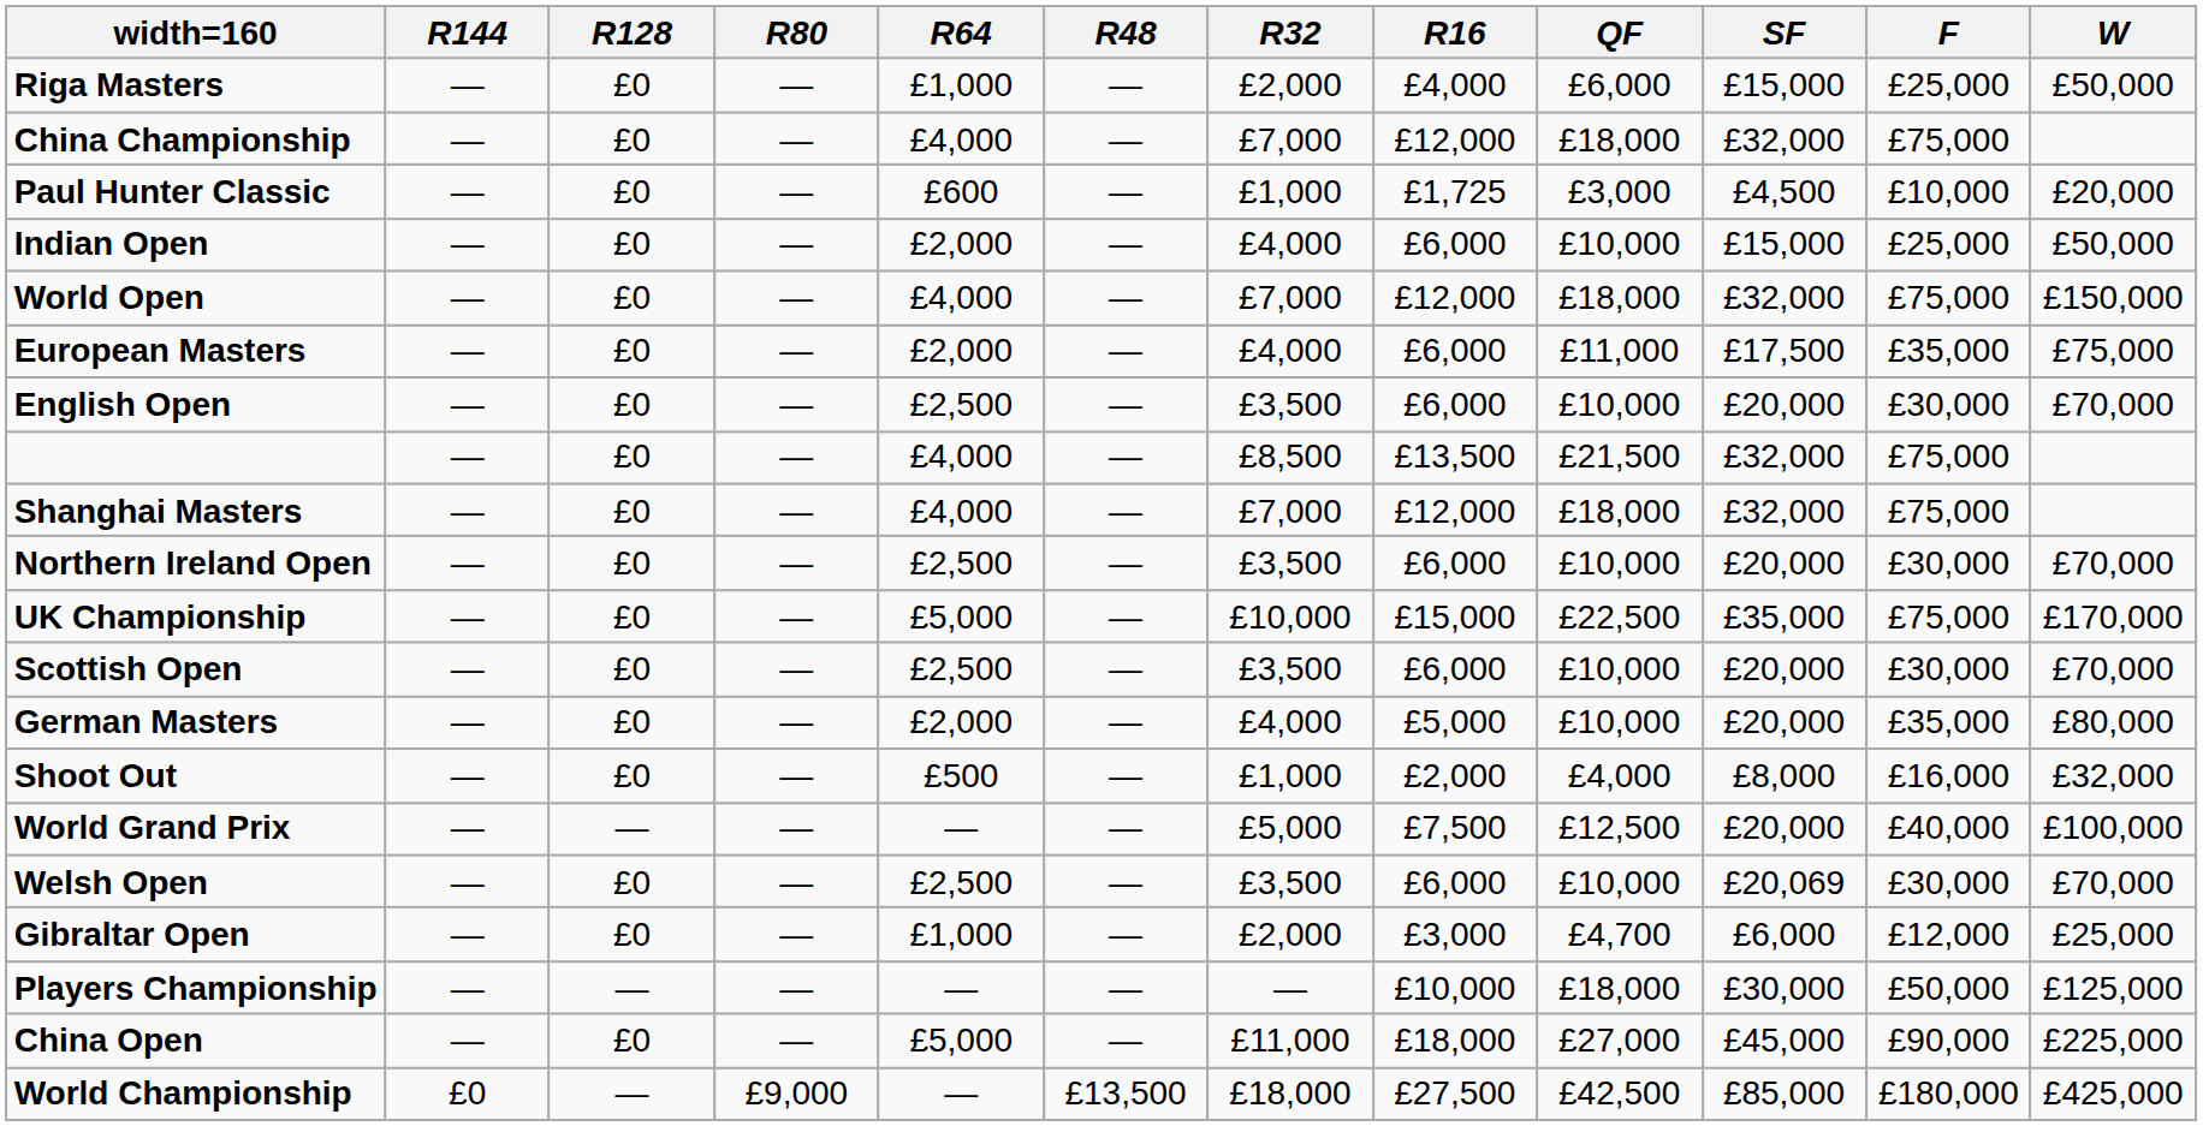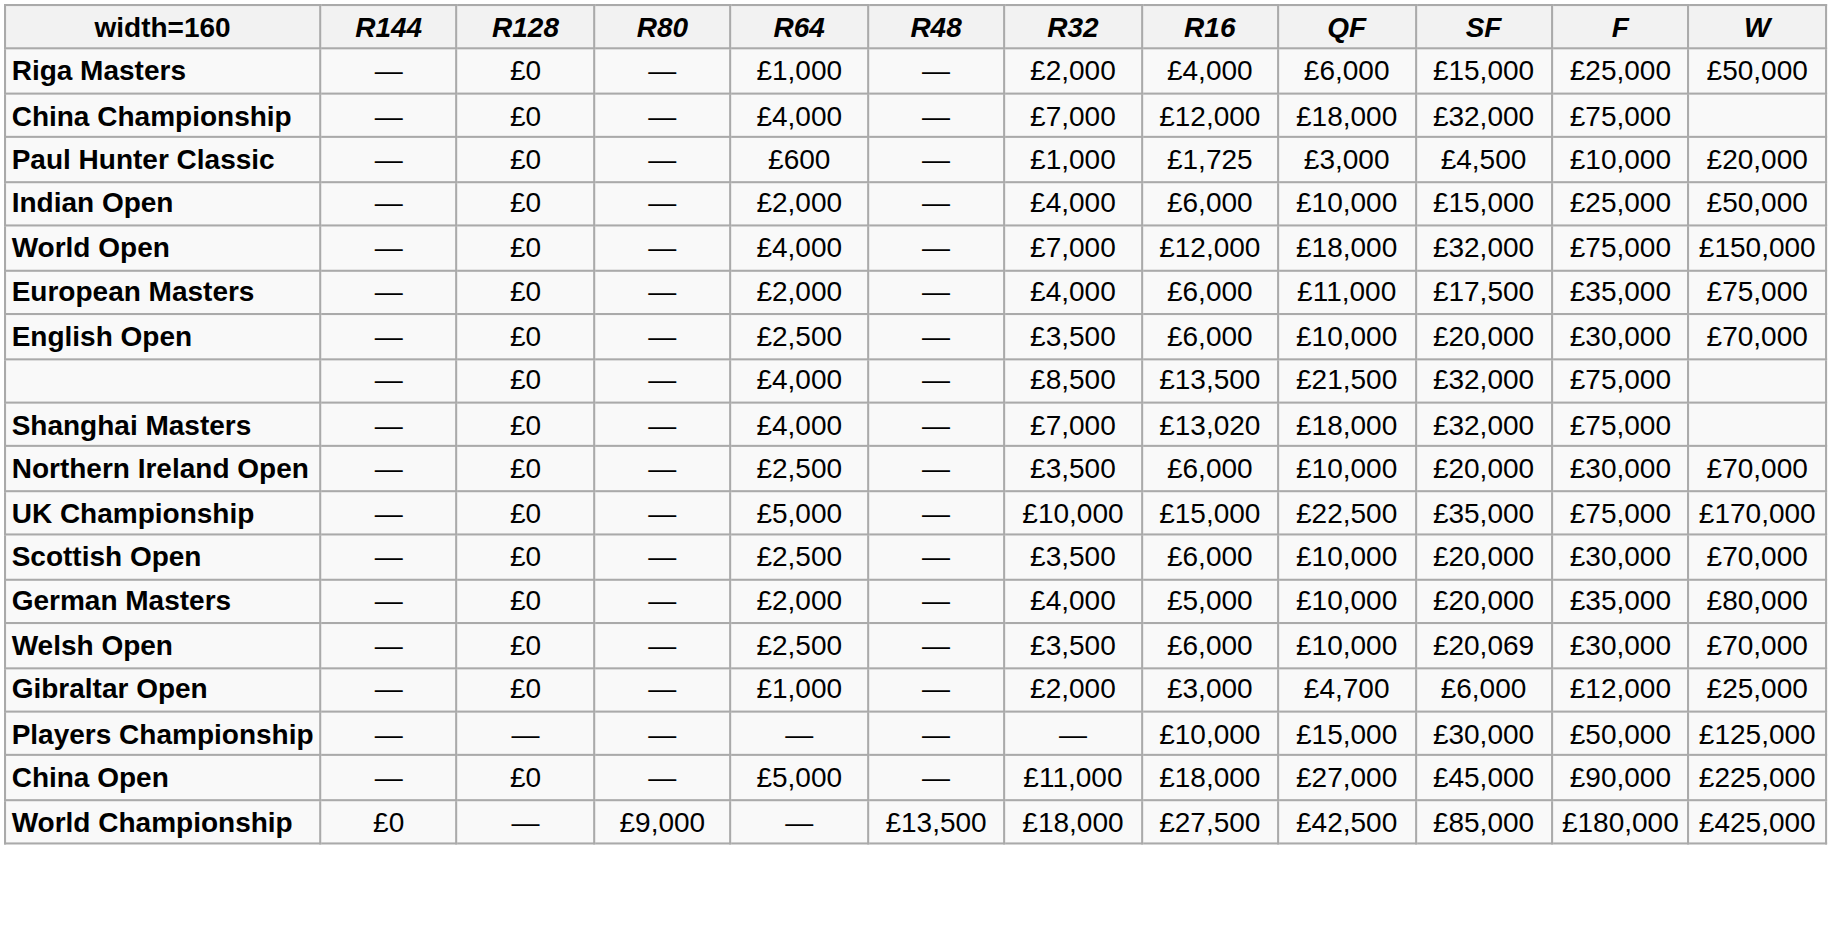 <table class="wikitable sortable" style="text-align: center; font-size:85%;">
 <tr>
 <th>width=160 </th>
 <th width=60><em>R144</em></th>
 <th width=60><em>R128</em></th>
 <th width=60><em>R80</em></th>
 <th width=60><em>R64</em></th>
 <th width=60><em>R48</em></th>
 <th width=60><em>R32</em></th>
 <th width=60><em>R16</em></th>
 <th width=60><em>QF</em></th>
 <th width=60><em>SF</em></th>
 <th width=60><em>F</em></th>
 <th width=60><em>W</em></th>
 </tr>
 <tr>
 <td style="text-align:left;"><strong>Riga Masters</strong></td>
 <td>—</td>
 <td>£0</td>
 <td>—</td>
 <td>£1,000</td>
 <td>—</td>
 <td>£2,000</td>
 <td>£4,000</td>
 <td>£6,000</td>
 <td>£15,000</td>
 <td>£25,000</td>
 <td>£50,000</td>
 </tr>
 <tr>
 <td style="text-align:left;"><strong>China Championship</strong></td>
 <td>—</td>
 <td>£0</td>
 <td>—</td>
 <td>£4,000</td>
 <td>—</td>
 <td>£7,000</td>
 <td>£12,000</td>
 <td>£18,000</td>
 <td>£32,000</td>
 <td>£75,000</td>
 <td></td>
 </tr>
 <tr>
 <td style="text-align:left;"><strong>Paul Hunter Classic</strong></td>
 <td>—</td>
 <td>£0</td>
 <td>—</td>
 <td>£600</td>
 <td>—</td>
 <td>£1,000</td>
 <td>£1,725</td>
 <td>£3,000</td>
 <td>£4,500</td>
 <td>£10,000</td>
 <td>£20,000</td>
 </tr>
 <tr>
 <td style="text-align:left;"><strong>Indian Open</strong></td>
 <td>—</td>
 <td>£0</td>
 <td>—</td>
 <td>£2,000</td>
 <td>—</td>
 <td>£4,000</td>
 <td>£6,000</td>
 <td>£10,000</td>
 <td>£15,000</td>
 <td>£25,000</td>
 <td>£50,000</td>
 </tr>
 <tr>
 <td style="text-align:left;"><strong>World Open</strong></td>
 <td>—</td>
 <td>£0</td>
 <td>—</td>
 <td>£4,000</td>
 <td>—</td>
 <td>£7,000</td>
 <td>£12,000</td>
 <td>£18,000</td>
 <td>£32,000</td>
 <td>£75,000</td>
 <td>£150,000</td>
 </tr>
 <tr>
 <td style="text-align:left;"><strong>European Masters</strong></td>
 <td>—</td>
 <td>£0</td>
 <td>—</td>
 <td>£2,000</td>
 <td>—</td>
 <td>£4,000</td>
 <td>£6,000</td>
 <td>£11,000</td>
 <td>£17,500</td>
 <td>£35,000</td>
 <td>£75,000</td>
 </tr>
 <tr>
 <td style="text-align:left;"><strong>English Open</strong></td>
 <td>—</td>
 <td>£0</td>
 <td>—</td>
 <td>£2,500</td>
 <td>—</td>
 <td>£3,500</td>
 <td>£6,000</td>
 <td>£10,000</td>
 <td>£20,000</td>
 <td>£30,000</td>
 <td>£70,000</td>
 </tr>
 <tr>
 <td style="text-align:left;"></td>
 <td>—</td>
 <td>£0</td>
 <td>—</td>
 <td>£4,000</td>
 <td>—</td>
 <td>£8,500</td>
 <td>£13,500</td>
 <td>£21,500</td>
 <td>£32,000</td>
 <td>£75,000</td>
 <td></td>
 </tr>
 <tr>
 <td style="text-align:left;"><strong>Shanghai Masters</strong></td>
 <td>—</td>
 <td>£0</td>
 <td>—</td>
 <td>£4,000</td>
 <td>—</td>
 <td>£7,000</td>
-<td>£12,000</td>
+<td>£13,020</td>
 <td>£18,000</td>
 <td>£32,000</td>
 <td>£75,000</td>
 <td></td>
 </tr>
 <tr>
 <td style="text-align:left;"><strong>Northern Ireland Open</strong></td>
 <td>—</td>
 <td>£0</td>
 <td>—</td>
 <td>£2,500</td>
 <td>—</td>
 <td>£3,500</td>
 <td>£6,000</td>
 <td>£10,000</td>
 <td>£20,000</td>
 <td>£30,000</td>
 <td>£70,000</td>
 </tr>
 <tr>
 <td style="text-align:left;"><strong>UK Championship</strong></td>
 <td>—</td>
 <td>£0</td>
 <td>—</td>
 <td>£5,000</td>
 <td>—</td>
 <td>£10,000</td>
 <td>£15,000</td>
 <td>£22,500</td>
 <td>£35,000</td>
 <td>£75,000</td>
 <td>£170,000</td>
 </tr>
 <tr>
 <td style="text-align:left;"><strong>Scottish Open</strong></td>
 <td>—</td>
 <td>£0</td>
 <td>—</td>
 <td>£2,500</td>
 <td>—</td>
 <td>£3,500</td>
 <td>£6,000</td>
 <td>£10,000</td>
 <td>£20,000</td>
 <td>£30,000</td>
 <td>£70,000</td>
 </tr>
 <tr>
 <td style="text-align:left;"><strong>German Masters</strong></td>
 <td>—</td>
 <td>£0</td>
 <td>—</td>
 <td>£2,000</td>
 <td>—</td>
 <td>£4,000</td>
 <td>£5,000</td>
 <td>£10,000</td>
 <td>£20,000</td>
 <td>£35,000</td>
 <td>£80,000</td>
 </tr>
 <tr>
-<td style="text-align:left;"><strong>Shoot Out</strong></td>
-<td>—</td>
-<td>£0</td>
-<td>—</td>
-<td>£500</td>
-<td>—</td>
-<td>£1,000</td>
-<td>£2,000</td>
-<td>£4,000</td>
-<td>£8,000</td>
-<td>£16,000</td>
-<td>£32,000</td>
-</tr>
-<tr>
-<td style="text-align:left;"><strong>World Grand Prix</strong></td>
-<td>—</td>
-<td>—</td>
-<td>—</td>
-<td>—</td>
-<td>—</td>
-<td>£5,000</td>
-<td>£7,500</td>
-<td>£12,500</td>
-<td>£20,000</td>
-<td>£40,000</td>
-<td>£100,000</td>
-</tr>
-<tr>
 <td style="text-align:left;"><strong>Welsh Open</strong></td>
 <td>—</td>
 <td>£0</td>
 <td>—</td>
 <td>£2,500</td>
 <td>—</td>
 <td>£3,500</td>
 <td>£6,000</td>
 <td>£10,000</td>
 <td>£20,069</td>
 <td>£30,000</td>
 <td>£70,000</td>
 </tr>
 <tr>
 <td style="text-align:left;"><strong>Gibraltar Open</strong></td>
 <td>—</td>
 <td>£0</td>
 <td>—</td>
 <td>£1,000</td>
 <td>—</td>
 <td>£2,000</td>
 <td>£3,000</td>
 <td>£4,700</td>
 <td>£6,000</td>
 <td>£12,000</td>
 <td>£25,000</td>
 </tr>
 <tr>
 <td style="text-align:left;"><strong>Players Championship</strong></td>
 <td>—</td>
 <td>—</td>
 <td>—</td>
 <td>—</td>
 <td>—</td>
 <td>—</td>
 <td>£10,000</td>
-<td>£18,000</td>
+<td>£15,000</td>
 <td>£30,000</td>
 <td>£50,000</td>
 <td>£125,000</td>
 </tr>
 <tr>
 <td style="text-align:left;"><strong>China Open</strong></td>
 <td>—</td>
 <td>£0</td>
 <td>—</td>
 <td>£5,000</td>
 <td>—</td>
 <td>£11,000</td>
 <td>£18,000</td>
 <td>£27,000</td>
 <td>£45,000</td>
 <td>£90,000</td>
 <td>£225,000</td>
 </tr>
 <tr>
 <td style="text-align:left;"><strong>World Championship</strong></td>
 <td>£0</td>
 <td>—</td>
 <td>£9,000</td>
 <td>—</td>
 <td>£13,500</td>
 <td>£18,000</td>
 <td>£27,500</td>
 <td>£42,500</td>
 <td>£85,000</td>
 <td>£180,000</td>
 <td>£425,000</td>
 </tr>
 </table>
